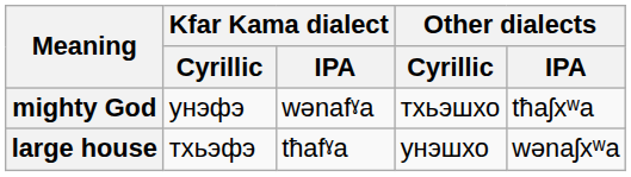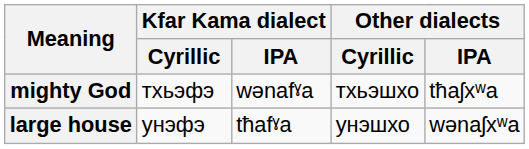 <table class="wikitable">
 <tr>
 <th rowspan=2>Meaning</th>
 <th colspan=2>Kfar Kama dialect</th>
 <th colspan=2>Other dialects</th>
 </tr>
 <tr>
 <th>Cyrillic</th>
 <th>IPA</th>
 <th>Cyrillic</th>
 <th>IPA</th>
 </tr>
 <tr>
 <th>mighty God</th>
-<td>унэфэ</td>
+<td>тхьэфэ</td>
 <td>wənafˠa</td>
 <td>тхьэшхо</td>
 <td>tħaʃxʷa</td>
 </tr>
 <tr>
 <th>large house</th>
-<td>тхьэфэ</td>
+<td>унэфэ</td>
 <td>tħafˠa</td>
 <td>унэшхо</td>
 <td>wənaʃxʷa</td>
 </tr>
 </table>
